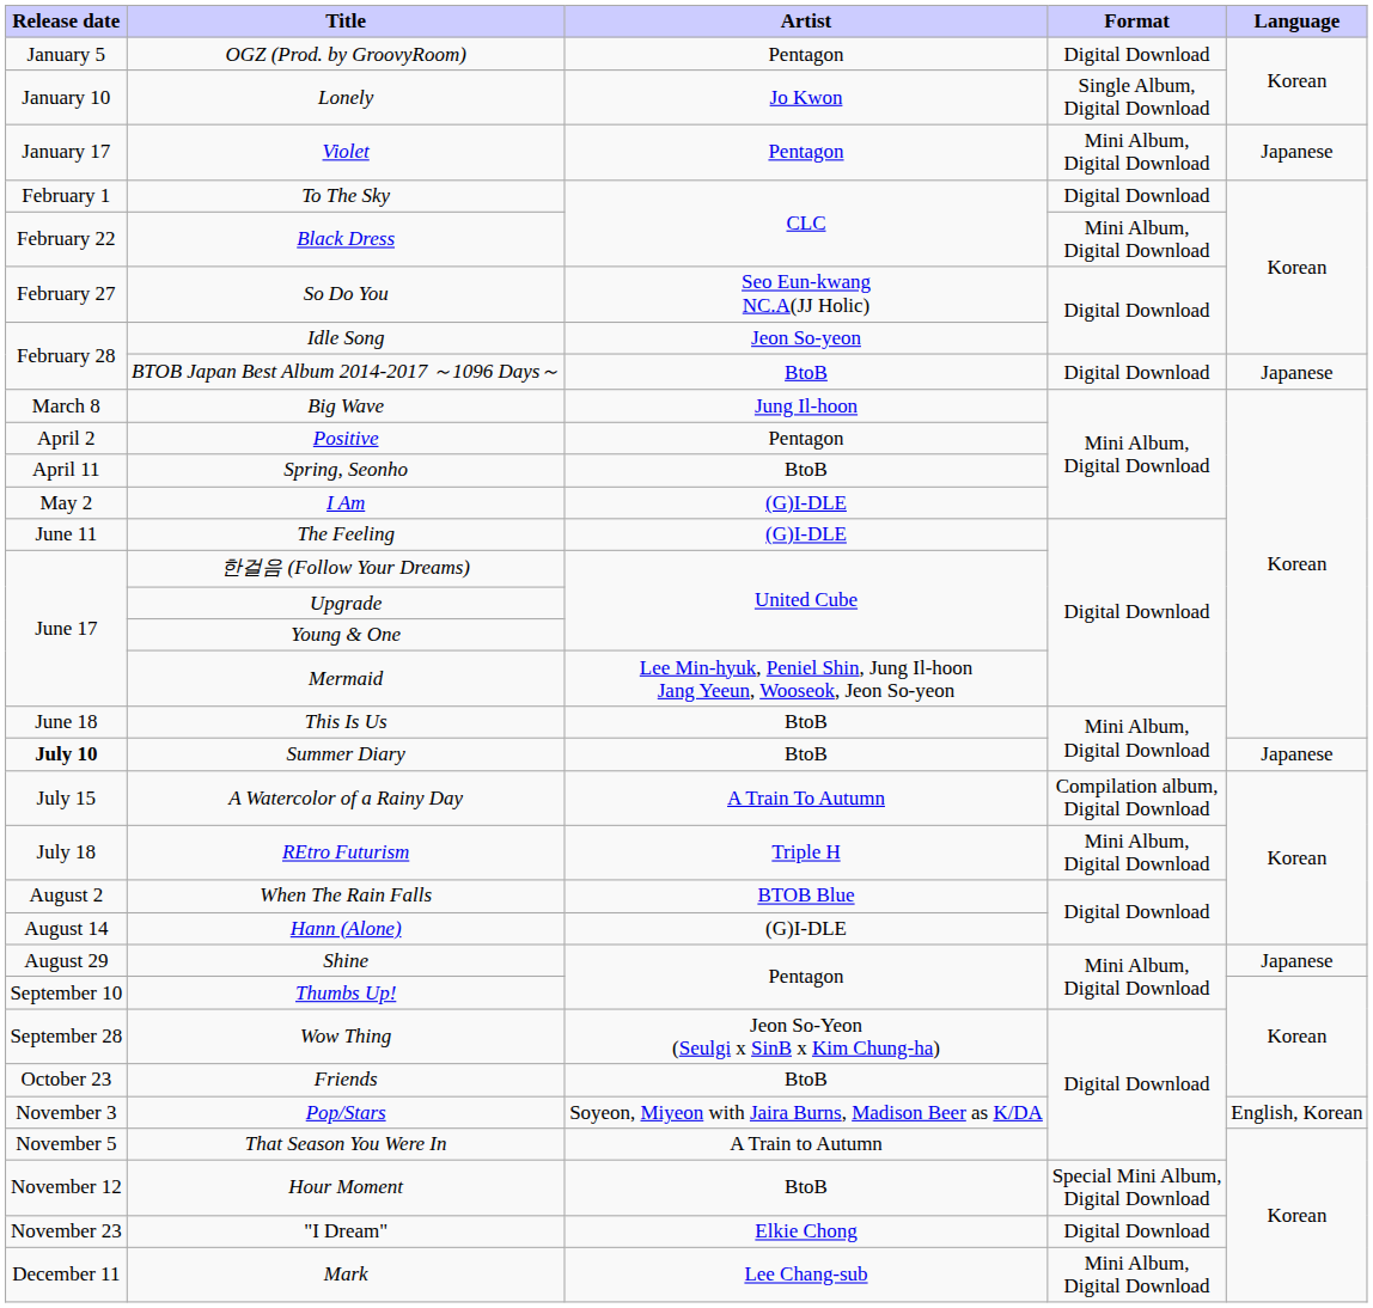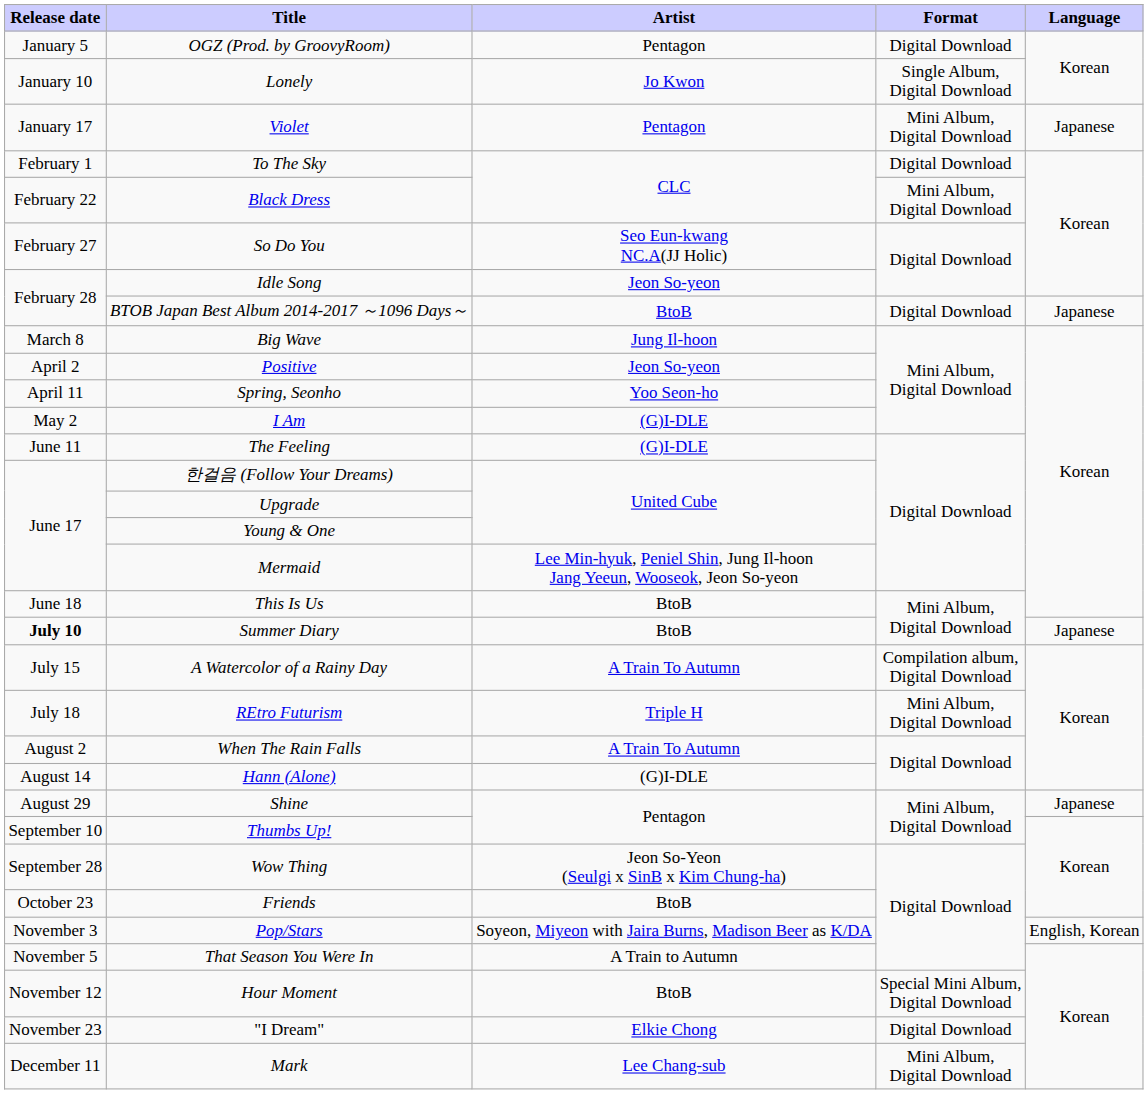 <table class="wikitable sortable" style="text-align:center">
 <tr>
 <th style="background:#CCF;">Release date</th>
 <th style="background:#CCF;">Title</th>
 <th style="background:#CCF;">Artist</th>
 <th style="background:#CCF;">Format</th>
 <th style="background:#CCF;">Language</th>
 </tr>
 <tr>
 <td>January 5</td>
 <td><em>OGZ (Prod. by GroovyRoom)</em></td>
 <td>Pentagon</td>
 <td>Digital Download</td>
 <td rowspan="2">Korean</td>
 </tr>
 <tr>
 <td>January 10</td>
 <td><em>Lonely</em></td>
 <td><a href='#'>Jo Kwon</a></td>
 <td>Single Album, <br>Digital Download</td>
 </tr>
 <tr>
 <td>January 17</td>
 <td><em><a href='#'>Violet</a></em></td>
 <td><a href='#'>Pentagon</a></td>
 <td>Mini Album, <br>Digital Download</td>
 <td>Japanese</td>
 </tr>
 <tr>
 <td>February 1</td>
 <td><em>To The Sky</em></td>
 <td rowspan="2"><a href='#'>CLC</a></td>
 <td>Digital Download</td>
 <td rowspan="4">Korean</td>
 </tr>
 <tr>
 <td>February 22</td>
 <td><em><a href='#'>Black Dress</a></em></td>
 <td>Mini Album, <br>Digital Download</td>
 </tr>
 <tr>
 <td>February 27</td>
 <td><em>So Do You </em></td>
 <td><a href='#'>Seo Eun-kwang</a><br>  <a href='#'>NC.A</a>(JJ Holic)</td>
 <td rowspan="2">Digital Download</td>
 </tr>
 <tr>
 <td rowspan="2">February 28</td>
 <td><em>Idle Song</em></td>
 <td><a href='#'>Jeon So-yeon</a></td>
 </tr>
 <tr>
 <td><em>BTOB Japan Best Album 2014-2017 ～1096 Days～</em></td>
 <td><a href='#'>BtoB</a></td>
 <td>Digital Download</td>
 <td>Japanese</td>
 </tr>
 <tr>
 <td>March 8</td>
 <td><em>Big Wave</em></td>
 <td><a href='#'>Jung Il-hoon</a></td>
 <td rowspan="4">Mini Album, <br>Digital Download</td>
 <td rowspan="10">Korean</td>
 </tr>
 <tr>
 <td>April 2</td>
 <td><em><a href='#'>Positive</a></em></td>
-<td>Pentagon</td>
+<td><a href='#'>Jeon So-yeon</a></td>
 </tr>
 <tr>
 <td>April 11</td>
 <td><em>Spring, Seonho</em></td>
-<td>BtoB</td>
+<td><a href='#'>Yoo Seon-ho</a></td>
 </tr>
 <tr>
 <td>May 2</td>
 <td><em><a href='#'>I Am</a></em></td>
 <td><a href='#'>(G)I-DLE</a></td>
 </tr>
 <tr>
 <td>June 11</td>
 <td><em>The Feeling</em></td>
 <td><a href='#'>(G)I-DLE</a></td>
 <td rowspan="5">Digital Download</td>
 </tr>
 <tr>
 <td rowspan="4">June 17</td>
 <td><em>한걸음 (Follow Your Dreams)</em></td>
 <td rowspan="3"><a href='#'>United Cube</a></td>
 </tr>
 <tr>
 <td><em>Upgrade</em></td>
 </tr>
 <tr>
 <td><em>Young & One</em></td>
 </tr>
 <tr>
 <td><em>Mermaid</em></td>
 <td><a href='#'>Lee Min-hyuk</a>, <a href='#'>Peniel Shin</a>, Jung Il-hoon<br><a href='#'>Jang Yeeun</a>, <a href='#'>Wooseok</a>, Jeon So-yeon</td>
 </tr>
 <tr>
 <td>June 18</td>
 <td><em>This Is Us</em></td>
 <td>BtoB</td>
 <td rowspan="2">Mini Album, <br>Digital Download</td>
 </tr>
 <tr>
 <td><strong>July 10</strong></td>
 <td><em>Summer Diary</em></td>
 <td>BtoB</td>
 <td>Japanese</td>
 </tr>
 <tr>
 <td>July 15</td>
 <td><em>A Watercolor of a Rainy Day</em></td>
 <td><a href='#'>A Train To Autumn</a></td>
 <td>Compilation album, <br>Digital Download</td>
 <td rowspan="4">Korean</td>
 </tr>
 <tr>
 <td>July 18</td>
 <td><em><a href='#'>REtro Futurism</a></em></td>
 <td><a href='#'>Triple H</a></td>
 <td>Mini Album, <br>Digital Download</td>
 </tr>
 <tr>
 <td>August 2</td>
 <td><em>When The Rain Falls</em></td>
-<td><a href='#'>BTOB Blue</a></td>
+<td><a href='#'>A Train To Autumn</a></td>
 <td rowspan="2">Digital Download</td>
 </tr>
 <tr>
 <td>August 14</td>
 <td><em><a href='#'>Hann (Alone)</a></em> </td>
 <td>(G)I-DLE</td>
 </tr>
 <tr>
 <td>August 29</td>
 <td><em>Shine</em></td>
 <td rowspan="2">Pentagon</td>
 <td rowspan="2">Mini Album, <br>Digital Download</td>
 <td>Japanese</td>
 </tr>
 <tr>
 <td>September 10</td>
 <td><em><a href='#'>Thumbs Up!</a></em></td>
 <td rowspan="3">Korean</td>
 </tr>
 <tr>
 <td>September 28</td>
 <td><em>Wow Thing </em></td>
 <td>Jeon So-Yeon <br> (<a href='#'>Seulgi</a> x <a href='#'>SinB</a> x <a href='#'>Kim Chung-ha</a>)</td>
 <td rowspan="4">Digital Download</td>
 </tr>
 <tr>
 <td>October 23</td>
 <td><em>Friends</em></td>
 <td>BtoB</td>
 </tr>
 <tr>
 <td>November 3</td>
 <td><em><a href='#'>Pop/Stars</a></em></td>
 <td>Soyeon, <a href='#'>Miyeon</a> with <a href='#'>Jaira Burns</a>, <a href='#'>Madison Beer</a> as <a href='#'>K/DA</a></td>
 <td>English, Korean</td>
 </tr>
 <tr>
 <td>November 5</td>
 <td><em>That Season You Were In</em></td>
 <td>A Train to Autumn</td>
 <td rowspan="4">Korean</td>
 </tr>
 <tr>
 <td>November 12</td>
 <td><em>Hour Moment</em></td>
 <td>BtoB</td>
 <td>Special Mini Album, <br>Digital Download</td>
 </tr>
 <tr>
 <td>November 23</td>
 <td>"I Dream"</td>
 <td><a href='#'>Elkie Chong</a></td>
 <td>Digital Download</td>
 </tr>
 <tr>
 <td>December 11</td>
 <td><em>Mark</em></td>
 <td><a href='#'>Lee Chang-sub</a></td>
 <td>Mini Album, <br>Digital Download</td>
 </tr>
 </table>
